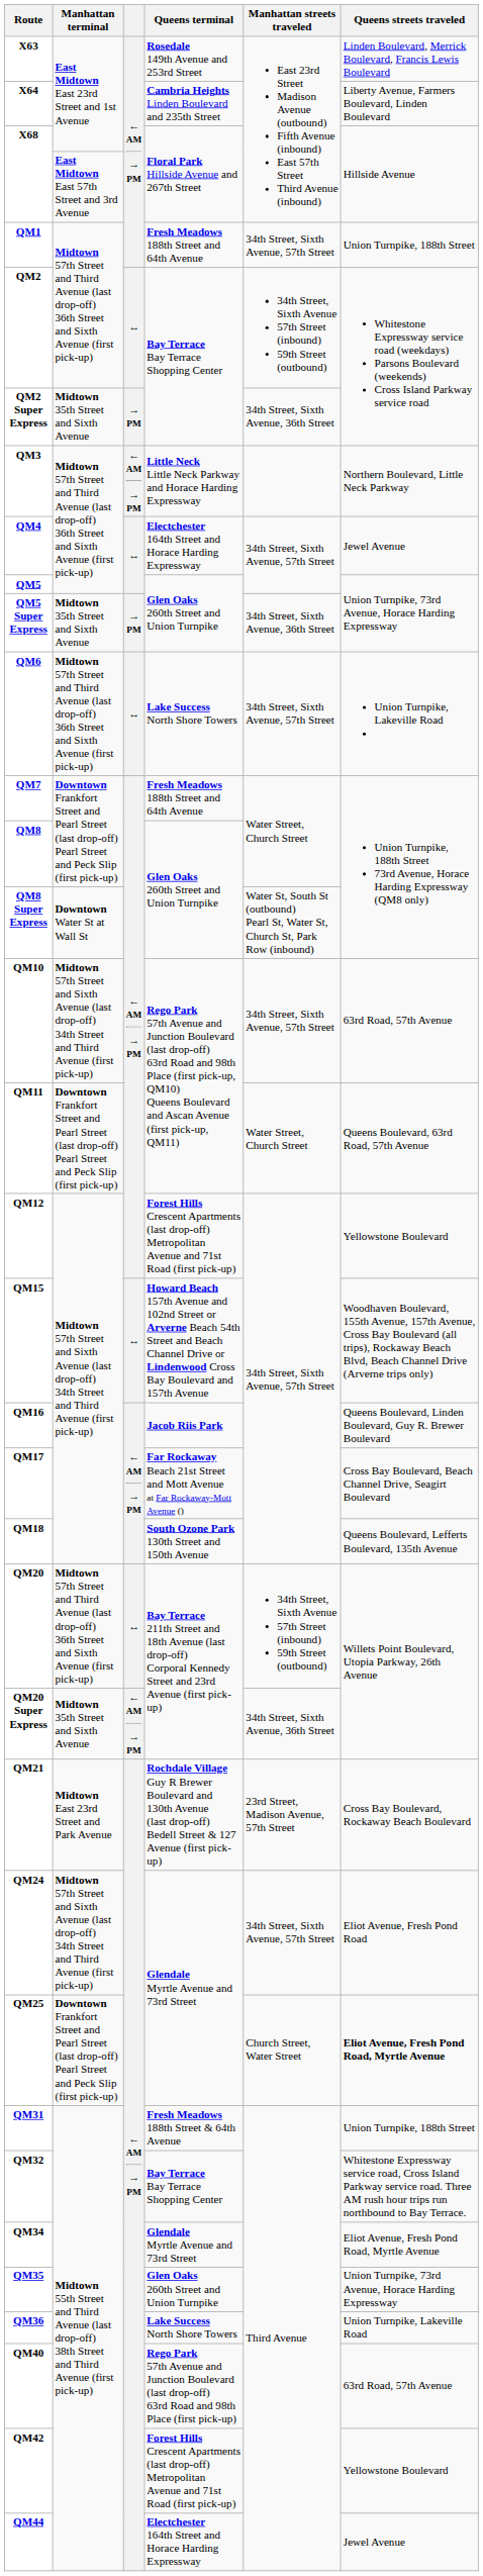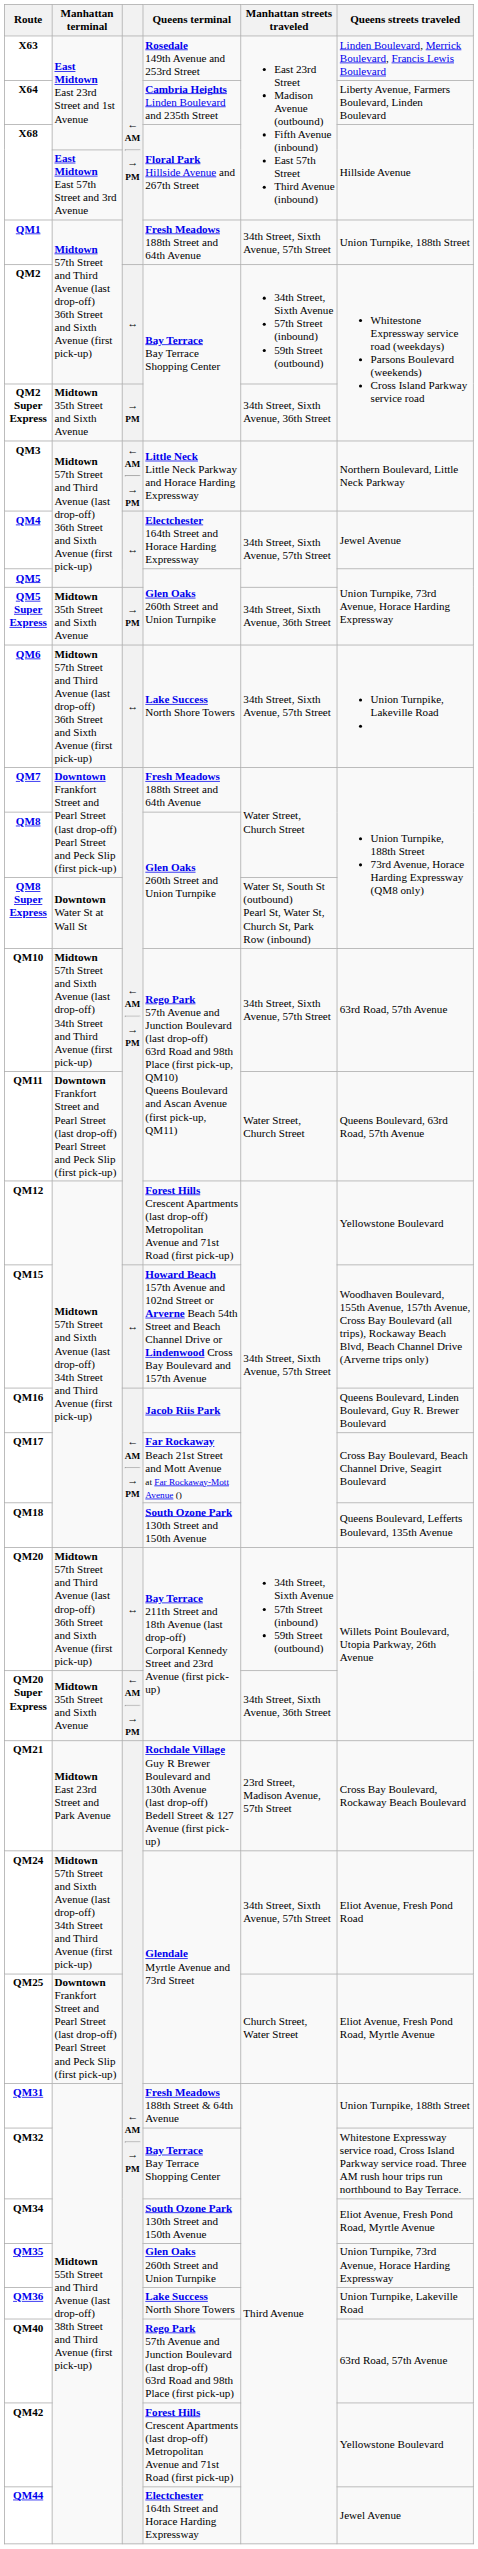 <table class=wikitable style="font-size: 90%;"|>
 <tr>
 <th>Route</th>
 <th>Manhattan terminal</th>
 <th></th>
 <th>Queens terminal</th>
 <th>Manhattan streets traveled</th>
 <th>Queens streets traveled</th>
 </tr>
 <tr>
 <td style="background:white; color:black" align="center" valign=top><div><strong>X63</strong></div></td>
 <td rowspan="3"><strong><a href='#'>East Midtown</a></strong><br>East 23rd Street and 1st Avenue</td>
 <th rowspan="5"><div><span>←</span><br><small>AM</small><hr><span>→</span><br><small>PM</small></div></th>
 <td><strong><a href='#'>Rosedale</a></strong><br>149th Avenue and 253rd Street</td>
 <td rowspan="4"><br><ul><li>East 23rd Street</li><li>Madison Avenue (outbound)</li><li>Fifth Avenue (inbound)</li><li>East 57th Street</li><li>Third Avenue (inbound)</li></ul></td>
 <td><a href='#'>Linden Boulevard</a>, <a href='#'>Merrick Boulevard</a>, <a href='#'>Francis Lewis Boulevard</a></td>
 </tr>
 <tr>
 <td style="background:white; color:black" align="center" valign=top><div><strong>X64</strong></div></td>
 <td><strong><a href='#'>Cambria Heights</a></strong><br><a href='#'>Linden Boulevard</a> and 235th Street</td>
 <td>Liberty Avenue, Farmers Boulevard, Linden Boulevard</td>
 </tr>
 <tr>
 <td rowspan="2" style="background:white; color:black" align="center" valign=top><div><strong>X68</strong></div></td>
 <td rowspan=2><strong><a href='#'>Floral Park</a></strong><br><a href='#'>Hillside Avenue</a> and 267th Street</td>
 <td rowspan=2>Hillside Avenue</td>
 </tr>
 <tr>
 <td><strong><a href='#'>East Midtown</a></strong><br>East 57th Street and 3rd Avenue</td>
 </tr>
 <tr>
 <td style="background:white; color:black" align="center" valign=top><div><strong><a href='#'>QM1</a></strong></div></td>
 <td rowspan="2"><strong><a href='#'>Midtown</a></strong><br>57th Street and Third Avenue (last drop-off)<br>36th Street and Sixth Avenue (first pick-up)</td>
 <td><strong><a href='#'>Fresh Meadows</a></strong><br>188th Street and 64th Avenue</td>
 <td>34th Street, Sixth Avenue, 57th Street</td>
 <td>Union Turnpike, 188th Street</td>
 </tr>
 <tr>
 <td style="background:white; color:black" align="center" valign=top><div><strong>QM2</strong></div></td>
 <th><span>↔ </span></th>
 <td rowspan="2"><strong><a href='#'>Bay Terrace</a></strong><br>Bay Terrace Shopping Center</td>
 <td><br><ul><li>34th Street, Sixth Avenue</li><li>57th Street (inbound)</li><li>59th Street (outbound)</li></ul></td>
 <td rowspan="2"><br><ul><li>Whitestone Expressway service road (weekdays)</li><li>Parsons Boulevard (weekends)</li><li>Cross Island Parkway service road</li></ul></td>
 </tr>
 <tr>
 <td style="background:white; color:black" align="center" valign=top><div><strong>QM2 Super Express</strong></div></td>
 <td><strong>Midtown</strong><br>35th Street and Sixth Avenue</td>
 <th><div><span>→</span><br><small>PM</small></div></th>
 <td>34th Street, Sixth Avenue, 36th Street</td>
 </tr>
 <tr>
 <td style="background:white; color:black" align="center" valign="top"><div><strong>QM3</strong></div></td>
 <td rowspan="3"><strong>Midtown</strong><br>57th Street and Third Avenue (last drop-off)<br>36th Street and Sixth Avenue (first pick-up)</td>
 <th><div><span>←</span><br><small>AM</small><hr><span>→</span><br><small>PM</small></div></th>
 <td><strong><a href='#'>Little Neck</a></strong><br>Little Neck Parkway and Horace Harding Expressway</td>
 <td></td>
 <td>Northern Boulevard, Little Neck Parkway</td>
 </tr>
 <tr>
 <td style="background:white; color:black" align="center" valign="top"><div><strong><a href='#'>QM4</a></strong></div></td>
 <th rowspan="2"><span>↔ </span></th>
 <td><strong><a href='#'>Electchester</a></strong><br>164th Street and Horace Harding Expressway</td>
 <td rowspan="2">34th Street, Sixth Avenue, 57th Street</td>
 <td>Jewel Avenue</td>
 </tr>
 <tr>
 <td style="background:white; color:black" align="center" valign="top"><div><strong><a href='#'>QM5</a></strong><br> </div></td>
 <td rowspan="2"><strong><a href='#'>Glen Oaks</a></strong><br>260th Street and Union Turnpike</td>
 <td rowspan="2">Union Turnpike, 73rd Avenue, Horace Harding Expressway</td>
 </tr>
 <tr>
 <td style="background:white; color:black" align="center" valign="top"><div><strong><a href='#'>QM5 Super Express</a></strong></div></td>
 <td><strong>Midtown</strong><br>35th Street and Sixth Avenue</td>
 <th><div><span>→</span><br><small>PM</small></div></th>
 <td>34th Street, Sixth Avenue, 36th Street</td>
 </tr>
 <tr>
 <td style="background:white; color:black" align="center" valign="top"><div><strong><a href='#'>QM6</a></strong><br> </div></td>
 <td><strong>Midtown</strong><br>57th Street and Third Avenue (last drop-off)<br>36th Street and Sixth Avenue (first pick-up)</td>
 <th><span>↔ </span></th>
 <td><strong><a href='#'>Lake Success</a></strong><br>North Shore Towers</td>
 <td>34th Street, Sixth Avenue, 57th Street</td>
 <td><br><ul><li>Union Turnpike, Lakeville Road</li><li></li></ul></td>
 </tr>
 <tr>
 <td style="background:white; color:black" align="center" valign=top><div><strong><a href='#'>QM7</a></strong></div></td>
 <td rowspan="2"><strong><a href='#'>Downtown</a></strong><br>Frankfort Street and Pearl Street (last drop-off)<br>Pearl Street and Peck Slip (first pick-up)</td>
 <th rowspan="6"><div><span>←</span><br><small>AM</small><hr><span>→</span><br><small>PM</small></div></th>
 <td><strong><a href='#'>Fresh Meadows</a></strong><br>188th Street and 64th Avenue</td>
 <td rowspan="2">Water Street, Church Street</td>
 <td rowspan="3"><br><ul><li>Union Turnpike, 188th Street</li><li>73rd Avenue, Horace Harding Expressway (QM8 only)</li></ul></td>
 </tr>
 <tr>
 <td style="background:white; color:black" align="center" valign=top><div><strong><a href='#'>QM8</a></strong></div></td>
 <td rowspan="2"><strong><a href='#'>Glen Oaks</a></strong><br>260th Street and Union Turnpike</td>
 </tr>
 <tr>
 <td style="background:white; color:black" align="center" valign="top"><div><strong><a href='#'>QM8 Super Express</a></strong></div></td>
 <td><strong>Downtown</strong><br>Water St at Wall St</td>
 <td>Water St, South St (outbound)<br>Pearl St, Water St, Church St, Park Row (inbound)</td>
 </tr>
 <tr>
 <td style="background:white; color:black" align="center" valign=top><div><strong>QM10</strong></div></td>
 <td><strong>Midtown</strong><br>57th Street and Sixth Avenue (last drop-off)<br>34th Street and Third Avenue (first pick-up)</td>
 <td rowspan=2><strong><a href='#'>Rego Park</a></strong><br>57th Avenue and Junction Boulevard (last drop-off)<br>63rd Road and 98th Place (first pick-up, QM10)<br>Queens Boulevard and Ascan Avenue (first pick-up, QM11)</td>
 <td>34th Street, Sixth Avenue, 57th Street</td>
 <td>63rd Road, 57th Avenue</td>
 </tr>
 <tr>
 <td style="background:white; color:black" align="center" valign=top><div><strong>QM11</strong></div></td>
 <td><strong>Downtown</strong><br>Frankfort Street and Pearl Street (last drop-off)<br>Pearl Street and Peck Slip (first pick-up)</td>
 <td>Water Street, Church Street</td>
 <td>Queens Boulevard, 63rd Road, 57th Avenue</td>
 </tr>
 <tr>
 <td style="background:white; color:black" align="center" valign=top><div><strong>QM12</strong></div></td>
 <td rowspan=5><strong>Midtown</strong><br>57th Street and Sixth Avenue (last drop-off)<br>34th Street and Third Avenue (first pick-up)</td>
 <td><strong><a href='#'>Forest Hills</a></strong><br>Crescent Apartments (last drop-off)<br>Metropolitan Avenue and 71st Road (first pick-up)</td>
 <td rowspan=5>34th Street, Sixth Avenue, 57th Street</td>
 <td>Yellowstone Boulevard</td>
 </tr>
 <tr>
 <td style="background:white; color:black" align="center" valign=top><div><strong>QM15</strong></div></td>
 <th><span>↔ </span></th>
 <td><strong><a href='#'>Howard Beach</a></strong><br>157th Avenue and 102nd Street or<br> <strong><a href='#'>Arverne</a></strong> Beach 54th Street and Beach Channel Drive or <strong><a href='#'>Lindenwood</a></strong> Cross Bay Boulevard and 157th Avenue</td>
 <td>Woodhaven Boulevard, 155th Avenue, 157th Avenue, Cross Bay Boulevard (all trips), Rockaway Beach Blvd, Beach Channel Drive (Arverne trips only)</td>
 </tr>
 <tr>
 <td style="background:white; color:black" align="center" valign=top><div><strong>QM16</strong></div></td>
 <th rowspan="3"><div><span>←</span><br><small>AM</small><hr><span>→</span><br><small>PM</small></div></th>
 <td><strong><a href='#'>Jacob Riis Park</a></strong></td>
 <td>Queens Boulevard, Linden Boulevard, Guy R. Brewer Boulevard</td>
 </tr>
 <tr>
 <td style="background:white; color:black" align="center" valign=top><div><strong>QM17</strong></div></td>
 <td><strong><a href='#'>Far Rockaway</a></strong><br>Beach 21st Street and Mott Avenue<br><small>at <a href='#'>Far Rockaway-Mott Avenue</a> ()</small></td>
 <td>Cross Bay Boulevard, Beach Channel Drive, Seagirt Boulevard</td>
 </tr>
 <tr>
 <td style="background:white; color:black" align="center" valign=top><div><strong>QM18</strong></div></td>
 <td><strong><a href='#'>South Ozone Park</a></strong><br>130th Street and 150th Avenue</td>
 <td>Queens Boulevard, Lefferts Boulevard, 135th Avenue</td>
 </tr>
 <tr>
 <td style="background:white; color:black" align="center" valign=top><div><div><strong>QM20</strong><br> </div></div></td>
 <td><strong>Midtown</strong><br>57th Street and Third Avenue (last drop-off)<br>36th Street and Sixth Avenue (first pick-up)</td>
 <th><span>↔</span></th>
 <td rowspan=2><strong><a href='#'>Bay Terrace</a></strong><br>211th Street and 18th Avenue (last drop-off)<br>Corporal Kennedy Street and 23rd Avenue (first pick-up)</td>
 <td><br><ul><li>34th Street, Sixth Avenue</li><li>57th Street (inbound)</li><li>59th Street (outbound)</li></ul></td>
 <td rowspan=2>Willets Point Boulevard, Utopia Parkway, 26th Avenue</td>
 </tr>
 <tr>
 <td style="background:white; color:black" align="center" valign=top><div><strong>QM20 Super Express</strong></div></td>
 <td><strong>Midtown</strong><br>35th Street and Sixth Avenue</td>
 <th><div><span>←</span><br><small>AM</small><hr><span>→</span><br><small>PM</small></div></th>
 <td>34th Street, Sixth Avenue, 36th Street</td>
 </tr>
 <tr>
 <td style="background:white; color:black" align="center" valign=top><div><strong>QM21</strong></div></td>
 <td><strong>Midtown</strong><br>East 23rd Street and Park Avenue</td>
 <th rowspan="11"><div><span>←</span><br><small>AM</small><hr><span>→</span><br><small>PM</small></div></th>
 <td><strong><a href='#'>Rochdale Village</a></strong><br>Guy R Brewer Boulevard and 130th Avenue<br>(last drop-off)<br>Bedell Street & 127 Avenue (first pick-up)</td>
 <td>23rd Street, Madison Avenue, 57th Street</td>
 <td>Cross Bay Boulevard, Rockaway Beach Boulevard</td>
 </tr>
 <tr>
 <td style="background:white; color:black" align="center" valign=top><div><strong>QM24</strong></div></td>
 <td><strong>Midtown</strong><br>57th Street and Sixth Avenue (last drop-off)<br>34th Street and Third Avenue (first pick-up)</td>
 <td rowspan=2><strong><a href='#'>Glendale</a></strong><br>Myrtle Avenue and 73rd Street</td>
 <td>34th Street, Sixth Avenue, 57th Street</td>
 <td>Eliot Avenue, Fresh Pond Road</td>
 </tr>
 <tr>
 <td style="background:white; color:black" align="center" valign=top><div><strong>QM25</strong></div></td>
 <td><strong>Downtown</strong><br>Frankfort Street and Pearl Street (last drop-off)<br>Pearl Street and Peck Slip (first pick-up)</td>
 <td>Church Street, Water Street</td>
-<td><strong>Eliot Avenue, Fresh Pond Road, Myrtle Avenue</strong></td>
+<td>Eliot Avenue, Fresh Pond Road, Myrtle Avenue</td>
 </tr>
 <tr>
 <td style="background:white; color:black" align="center" valign=top><div><strong><a href='#'>QM31</a></strong></div></td>
 <td rowspan=8><strong>Midtown</strong><br>55th Street and Third Avenue (last drop-off)<br>38th Street and Third Avenue (first pick-up)</td>
 <td><strong><a href='#'>Fresh Meadows</a></strong><br>188th Street & 64th Avenue</td>
 <td rowspan=8>Third Avenue</td>
 <td>Union Turnpike, 188th Street</td>
 </tr>
 <tr>
 <td style="background:white; color:black" align="center" valign=top><div><strong>QM32</strong></div></td>
 <td><strong><a href='#'>Bay Terrace</a></strong><br>Bay Terrace Shopping Center</td>
 <td>Whitestone Expressway service road, Cross Island Parkway service road. Three AM rush hour trips run northbound to Bay Terrace.</td>
 </tr>
 <tr>
 <td style="background:white; color:black" align="center" valign=top><div><strong>QM34</strong></div></td>
-<td><strong><a href='#'>Glendale</a></strong><br>Myrtle Avenue and 73rd Street</td>
+<td><strong><a href='#'>South Ozone Park</a></strong><br>130th Street and 150th Avenue</td>
 <td>Eliot Avenue, Fresh Pond Road, Myrtle Avenue</td>
 </tr>
 <tr>
 <td style="background:white; color:black" align="center" valign=top><div><strong><a href='#'>QM35</a></strong></div></td>
 <td><strong><a href='#'>Glen Oaks</a></strong><br>260th Street and Union Turnpike</td>
 <td>Union Turnpike, 73rd Avenue, Horace Harding Expressway</td>
 </tr>
 <tr>
 <td style="background:white; color:black" align="center" valign=top><div><strong><a href='#'>QM36</a></strong></div></td>
 <td><strong><a href='#'>Lake Success</a></strong><br>North Shore Towers</td>
 <td>Union Turnpike, Lakeville Road</td>
 </tr>
 <tr>
 <td style="background:white; color:black" align="center" valign=top><div><strong>QM40</strong></div></td>
 <td><strong><a href='#'>Rego Park</a></strong><br>57th Avenue and Junction Boulevard (last drop-off)<br>63rd Road and 98th Place (first pick-up)</td>
 <td>63rd Road, 57th Avenue</td>
 </tr>
 <tr>
 <td style="background:white; color:black" align="center" valign=top><div><strong>QM42</strong></div></td>
 <td><strong><a href='#'>Forest Hills</a></strong><br>Crescent Apartments (last drop-off)<br>Metropolitan Avenue and 71st Road (first pick-up)</td>
 <td>Yellowstone Boulevard</td>
 </tr>
 <tr>
 <td style="background:white; color:black" align="center" valign=top><div><strong><a href='#'>QM44</a></strong></div></td>
 <td><strong><a href='#'>Electchester</a></strong><br>164th Street and Horace Harding Expressway</td>
 <td>Jewel Avenue</td>
 </tr>
 </table>
